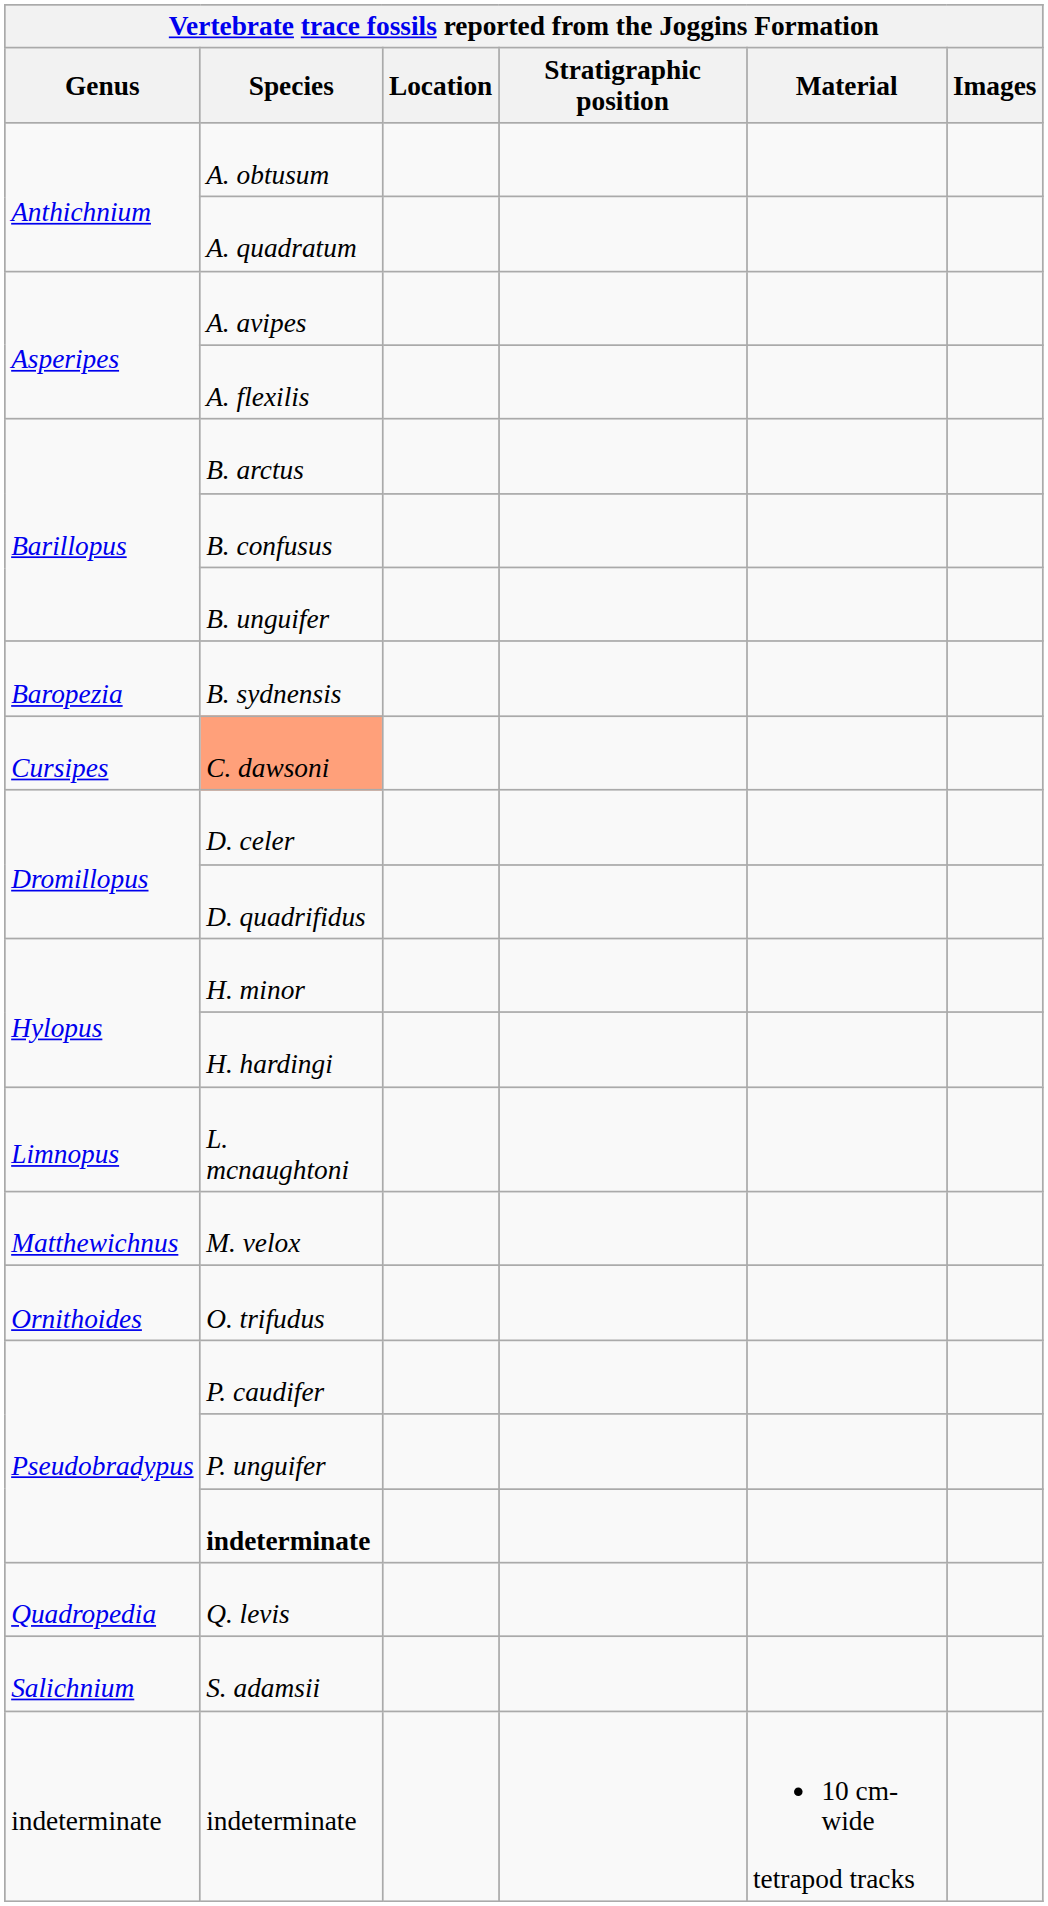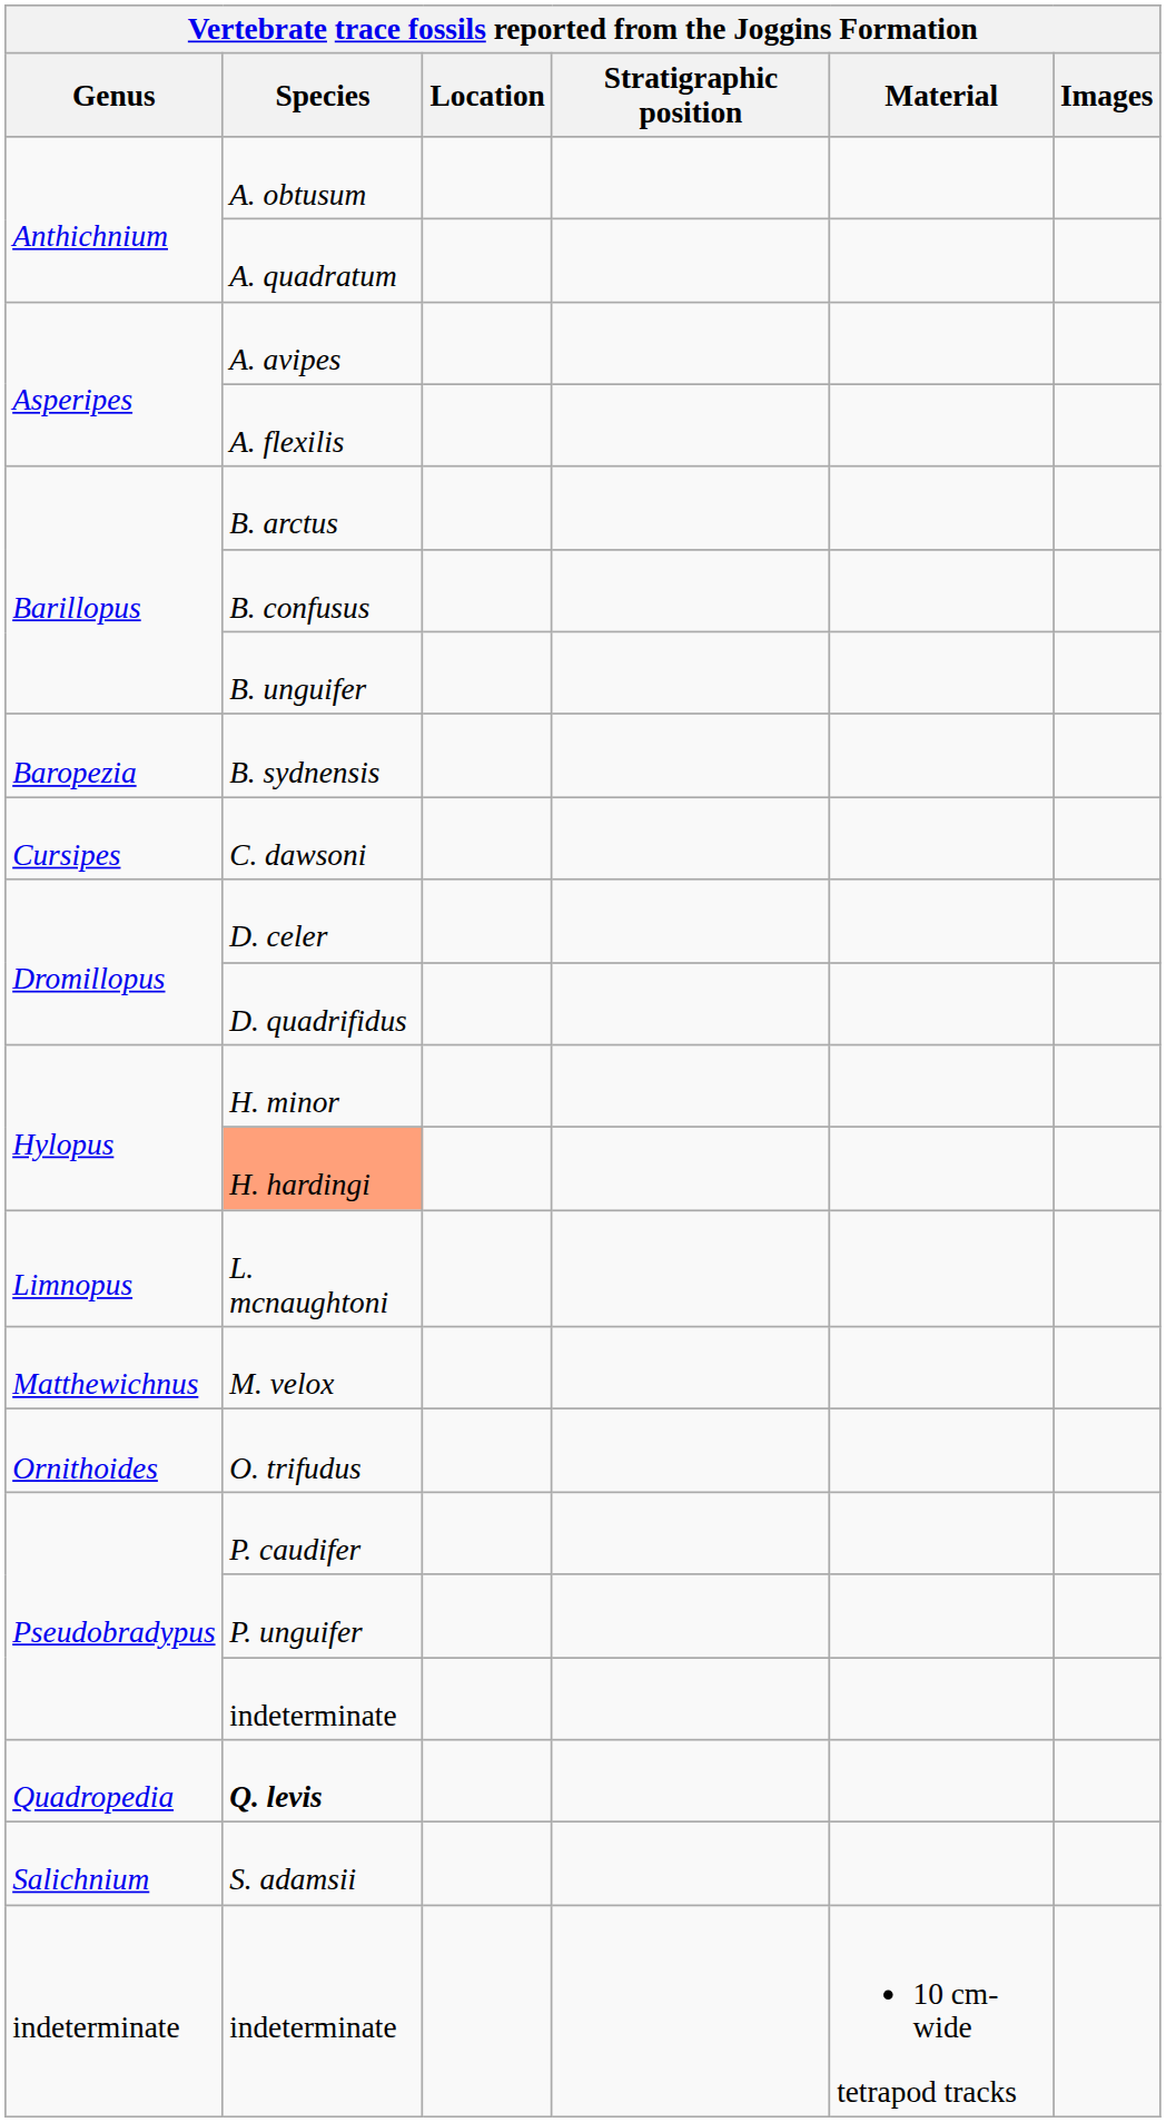 <table class="wikitable sortable mw-collapsible">
 <tr>
 <th colspan="7" style="text-align:center;"><strong><a href='#'>Vertebrate</a> <a href='#'>trace fossils</a> reported from the Joggins Formation</strong></th>
 </tr>
 <tr>
 <th>Genus</th>
 <th>Species</th>
 <th>Location</th>
 <th>Stratigraphic position</th>
 <th>Material</th>
 <th>Images</th>
 </tr>
 <tr>
 <td rowspan="2"><br><em><a href='#'>Anthichnium</a></em></td>
 <td><br><em>A. obtusum</em></td>
 <td></td>
 <td></td>
 <td></td>
 <td></td>
 </tr>
 <tr>
 <td><br><em>A. quadratum</em></td>
 <td></td>
 <td></td>
 <td></td>
 <td></td>
 </tr>
 <tr>
 <td rowspan="2"><br><em><a href='#'>Asperipes</a></em></td>
 <td><br><em>A. avipes</em></td>
 <td></td>
 <td></td>
 <td></td>
 <td></td>
 </tr>
 <tr>
 <td><br><em>A. flexilis</em></td>
 <td></td>
 <td></td>
 <td></td>
 <td></td>
 </tr>
 <tr>
 <td rowspan="3"><br><em><a href='#'>Barillopus</a></em></td>
 <td><br><em>B. arctus</em></td>
 <td></td>
 <td></td>
 <td></td>
 <td></td>
 </tr>
 <tr>
 <td><br><em>B. confusus</em></td>
 <td></td>
 <td></td>
 <td></td>
 <td></td>
 </tr>
 <tr>
 <td><br><em>B. unguifer</em></td>
 <td></td>
 <td></td>
 <td></td>
 <td></td>
 </tr>
 <tr>
 <td rowspan="1"><br><em><a href='#'>Baropezia</a></em></td>
 <td><br><em>B. sydnensis</em></td>
 <td></td>
 <td></td>
 <td></td>
 <td></td>
 </tr>
 <tr>
 <td rowspan="1"><br><em><a href='#'>Cursipes</a></em></td>
-<td style="background: lightsalmon;"><br><em>C. dawsoni</em></td>
+<td><br><em>C. dawsoni</em></td>
 <td></td>
 <td></td>
 <td></td>
 <td></td>
 </tr>
 <tr>
 <td rowspan="2"><br><em><a href='#'>Dromillopus</a></em></td>
 <td><br><em>D. celer</em></td>
 <td></td>
 <td></td>
 <td></td>
 <td></td>
 </tr>
 <tr>
 <td><br><em>D. quadrifidus</em></td>
 <td></td>
 <td></td>
 <td></td>
 <td></td>
 </tr>
 <tr>
 <td rowspan="2"><br><em><a href='#'>Hylopus</a></em></td>
 <td><br><em>H. minor</em></td>
 <td></td>
 <td></td>
 <td></td>
 <td></td>
 </tr>
 <tr>
-<td><br><em>H. hardingi</em></td>
+<td style="background: lightsalmon;"><br><em>H. hardingi</em></td>
 <td></td>
 <td></td>
 <td></td>
 </tr>
 <tr>
 <td rowspan="1"><br><em><a href='#'>Limnopus</a></em></td>
 <td><br><em>L. mcnaughtoni</em></td>
 <td></td>
 <td></td>
 <td></td>
 <td></td>
 </tr>
 <tr>
 <td rowspan="1"><br><em><a href='#'>Matthewichnus</a></em></td>
 <td><br><em>M. velox</em></td>
 <td></td>
 <td></td>
 <td></td>
 <td></td>
 </tr>
 <tr>
 <td rowspan="1"><br><em><a href='#'>Ornithoides</a></em></td>
 <td><br><em>O. trifudus</em></td>
 <td></td>
 <td></td>
 <td></td>
 <td></td>
 </tr>
 <tr>
 <td rowspan="3"><br><em><a href='#'>Pseudobradypus</a></em></td>
 <td><br><em>P. caudifer</em></td>
 <td></td>
 <td></td>
 <td></td>
 <td></td>
 </tr>
 <tr>
 <td><br><em>P. unguifer</em></td>
 <td></td>
 <td></td>
 <td></td>
 <td></td>
 </tr>
 <tr>
-<td><strong><br>indeterminate</strong></td>
+<td><br>indeterminate</td>
 <td></td>
 <td></td>
 <td></td>
 <td></td>
 </tr>
 <tr>
 <td rowspan="1"><br><em><a href='#'>Quadropedia</a></em></td>
-<td><br><em>Q. levis</em></td>
+<td><strong><br><em>Q. levis</em></strong></td>
 <td></td>
 <td></td>
 <td></td>
 <td></td>
 </tr>
 <tr>
 <td rowspan="1"><br><em><a href='#'>Salichnium</a></em></td>
 <td><br><em>S. adamsii</em></td>
 <td></td>
 <td></td>
 <td></td>
 <td></td>
 </tr>
 <tr>
 <td rowspan="1"><br>indeterminate</td>
 <td><br>indeterminate</td>
 <td></td>
 <td></td>
 <td><br><ul><li>10 cm-wide</li></ul>tetrapod tracks</td>
 <td></td>
 </tr>
 </table>
